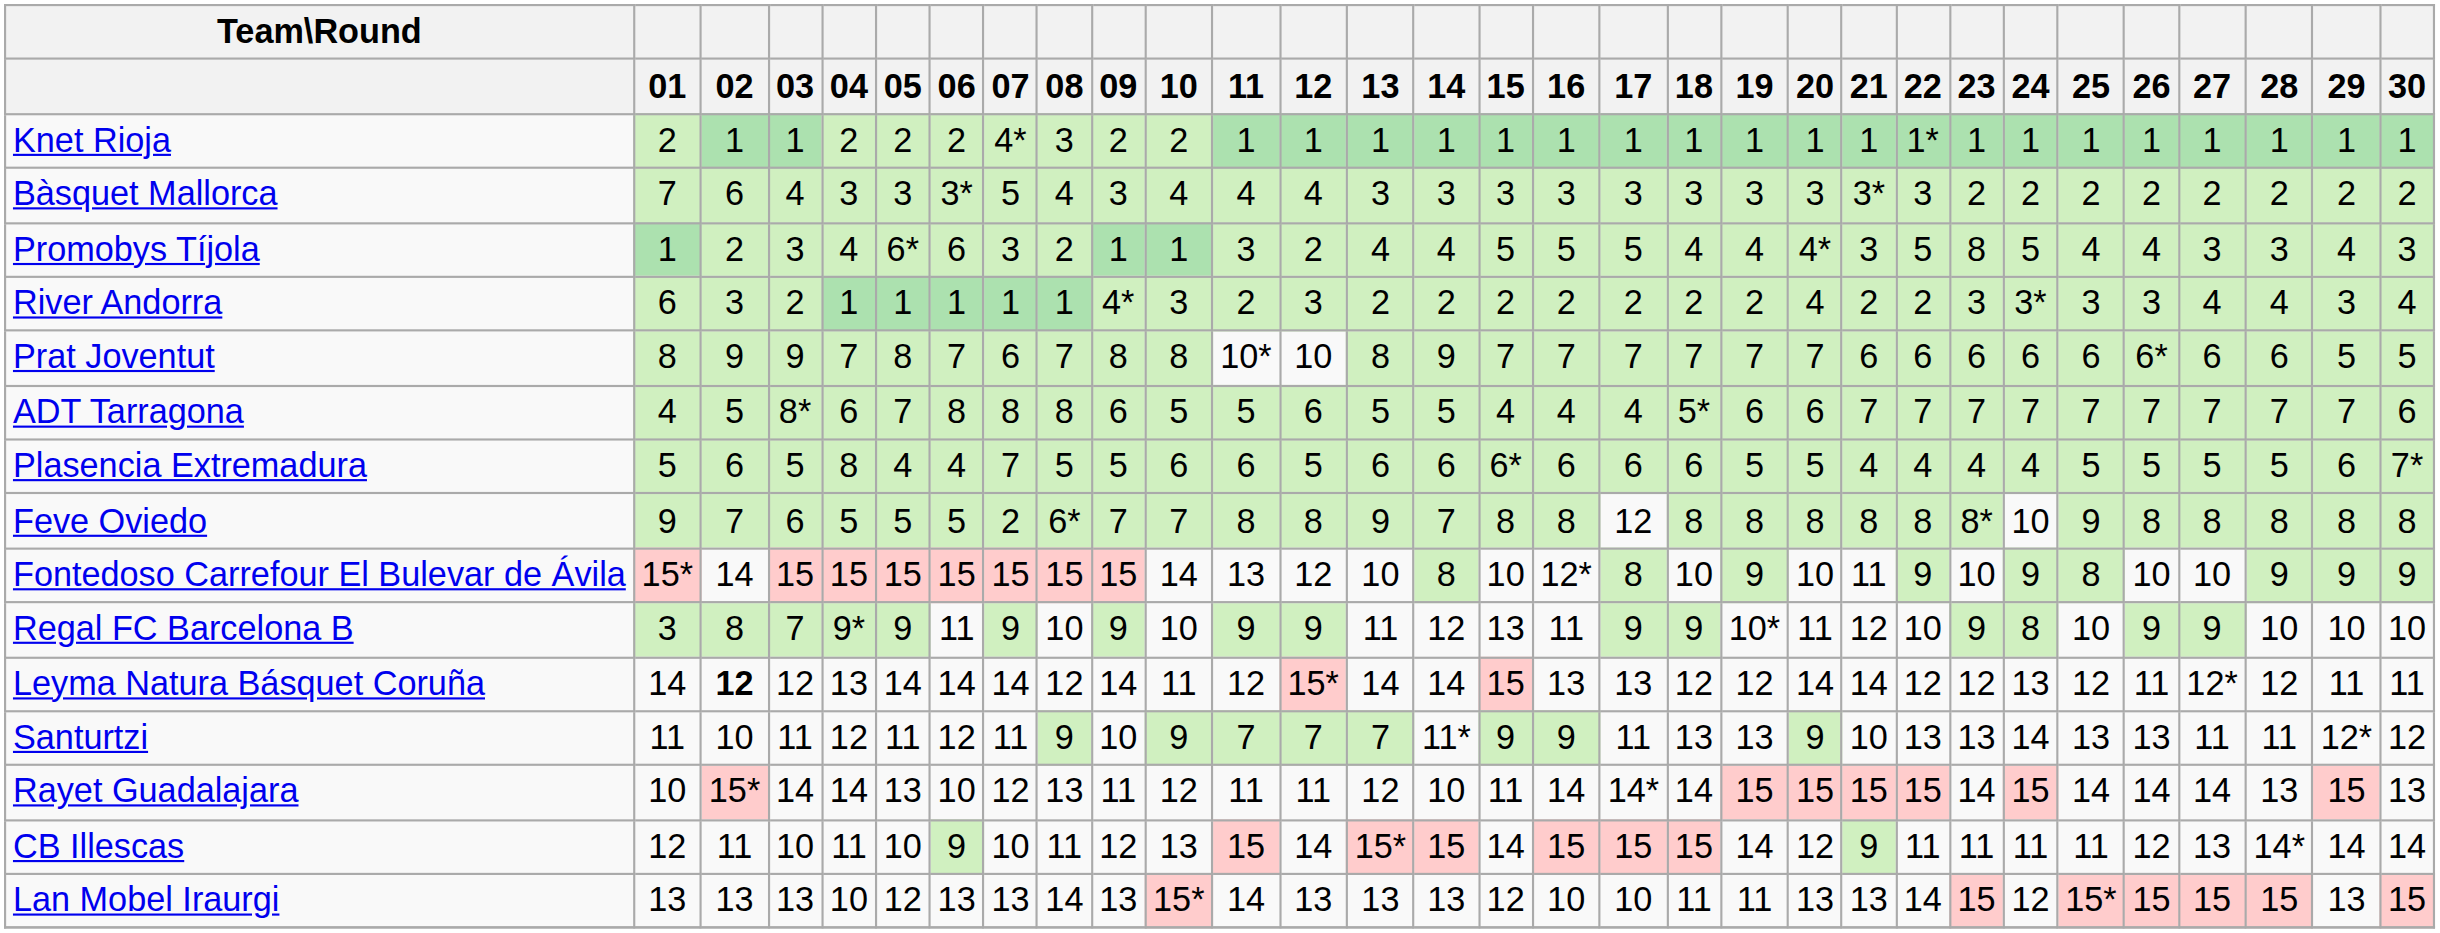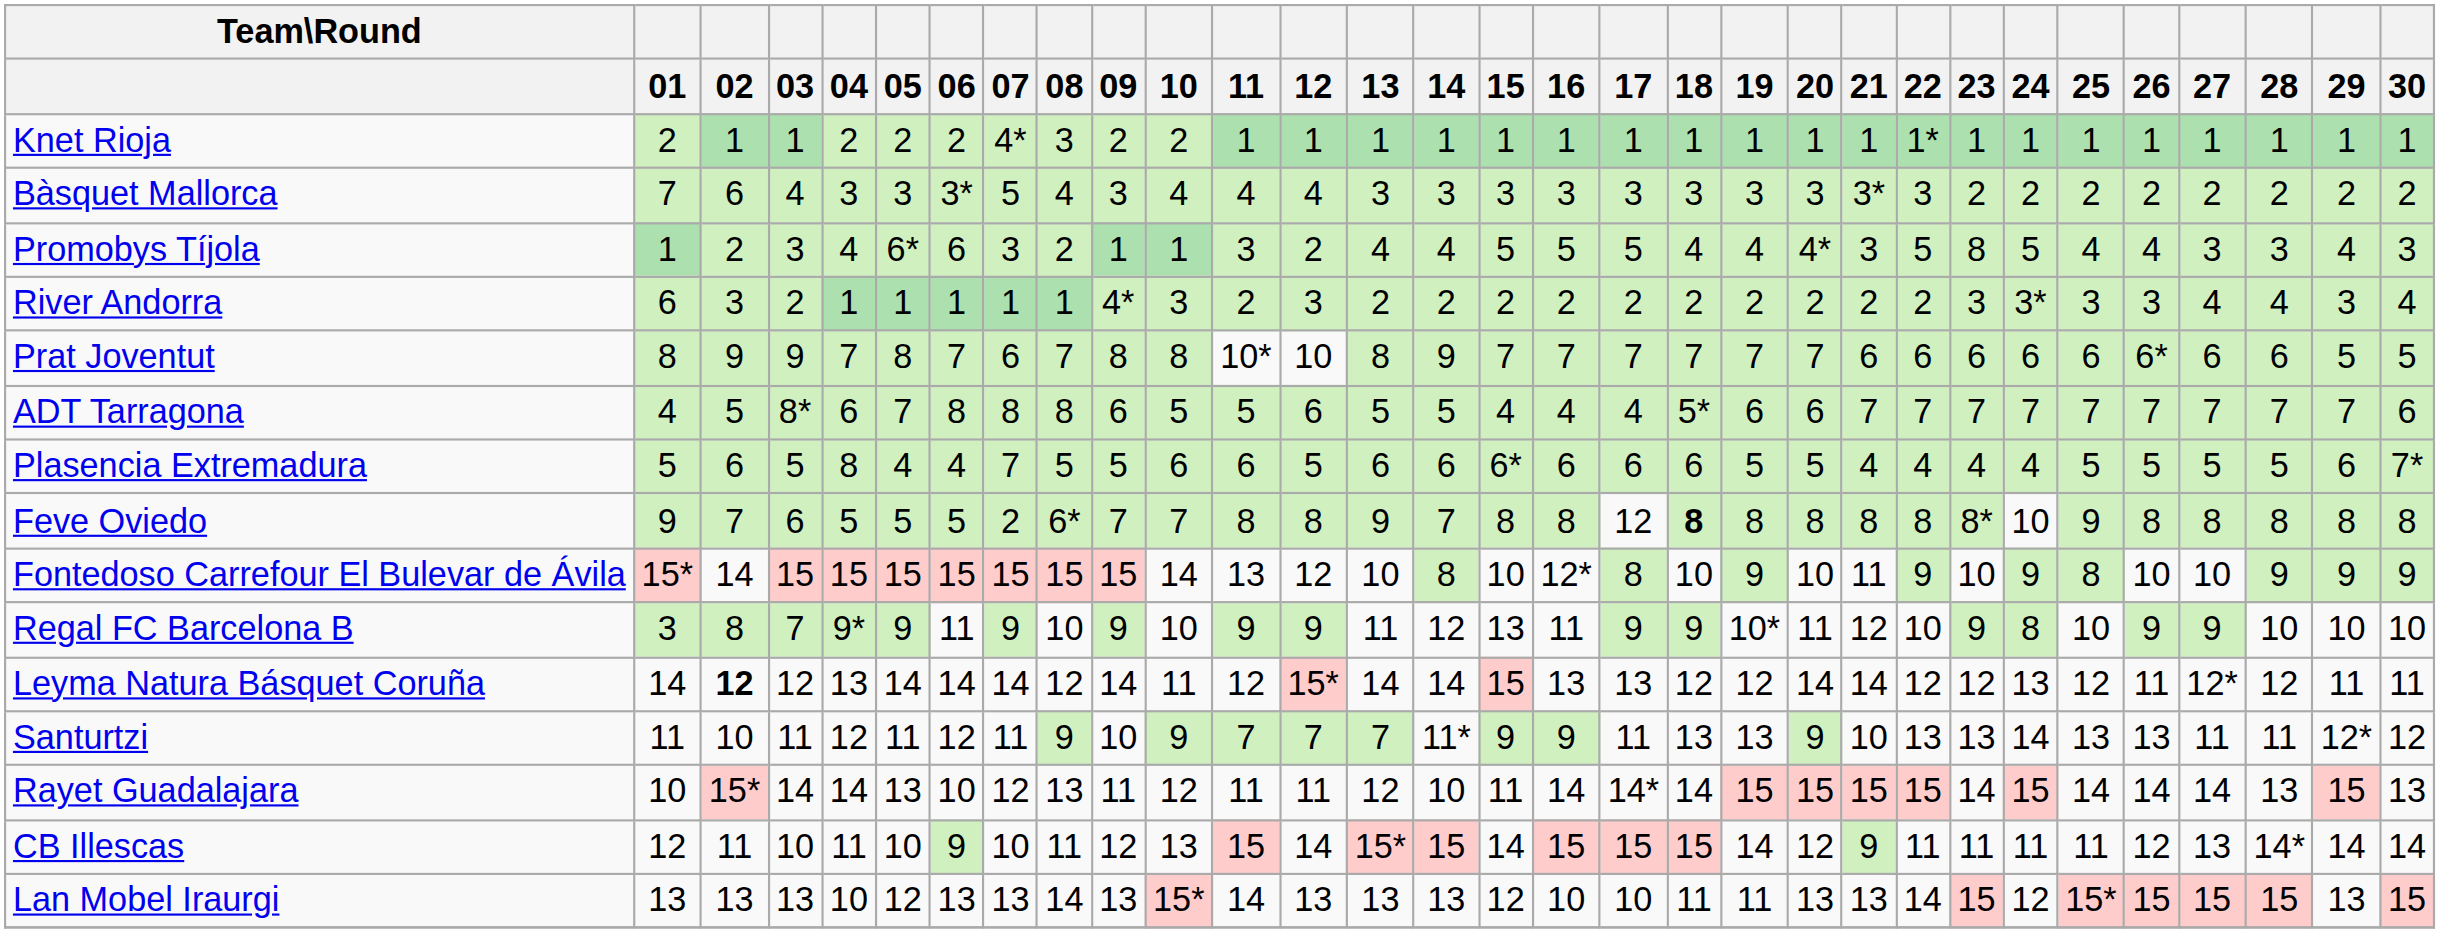 <table class="wikitable sortable" style="text-align: center;">
 <tr>
 <th>Team\Round</th>
 <th></th>
 <th></th>
 <th></th>
 <th></th>
 <th></th>
 <th></th>
 <th></th>
 <th></th>
 <th></th>
 <th></th>
 <th></th>
 <th></th>
 <th></th>
 <th></th>
 <th></th>
 <th></th>
 <th></th>
 <th></th>
 <th></th>
 <th></th>
 <th></th>
 <th></th>
 <th></th>
 <th></th>
 <th></th>
 <th></th>
 <th></th>
 <th></th>
 <th></th>
 <th></th>
 </tr>
 <tr>
 <th></th>
 <th>01</th>
 <th>02</th>
 <th>03</th>
 <th>04</th>
 <th>05</th>
 <th>06</th>
 <th>07</th>
 <th>08</th>
 <th>09</th>
 <th>10</th>
 <th>11</th>
 <th>12</th>
 <th>13</th>
 <th>14</th>
 <th>15</th>
 <th>16</th>
 <th>17</th>
 <th>18</th>
 <th>19</th>
 <th>20</th>
 <th>21</th>
 <th>22</th>
 <th>23</th>
 <th>24</th>
 <th>25</th>
 <th>26</th>
 <th>27</th>
 <th>28</th>
 <th>29</th>
 <th>30</th>
 </tr>
 <tr>
 <td align="left"><a href='#'>Knet Rioja</a></td>
 <td bgcolor=D0F0C0>2</td>
 <td bgcolor=ACE1AF>1</td>
 <td bgcolor=ACE1AF>1</td>
 <td bgcolor=D0F0C0>2</td>
 <td bgcolor=D0F0C0>2</td>
 <td bgcolor=D0F0C0>2</td>
 <td bgcolor=D0F0C0>4*</td>
 <td bgcolor=D0F0C0>3</td>
 <td bgcolor=D0F0C0>2</td>
 <td bgcolor=D0F0C0>2</td>
 <td bgcolor=ACE1AF>1</td>
 <td bgcolor=ACE1AF>1</td>
 <td bgcolor=ACE1AF>1</td>
 <td bgcolor=ACE1AF>1</td>
 <td bgcolor=ACE1AF>1</td>
 <td bgcolor=ACE1AF>1</td>
 <td bgcolor=ACE1AF>1</td>
 <td bgcolor=ACE1AF>1</td>
 <td bgcolor=ACE1AF>1</td>
 <td bgcolor=ACE1AF>1</td>
 <td bgcolor=ACE1AF>1</td>
 <td bgcolor=ACE1AF>1*</td>
 <td bgcolor=ACE1AF>1</td>
 <td bgcolor=ACE1AF>1</td>
 <td bgcolor=ACE1AF>1</td>
 <td bgcolor=ACE1AF>1</td>
 <td bgcolor=ACE1AF>1</td>
 <td bgcolor=ACE1AF>1</td>
 <td bgcolor=ACE1AF>1</td>
 <td bgcolor=ACE1AF>1</td>
 </tr>
 <tr>
 <td align="left"><a href='#'>Bàsquet Mallorca</a></td>
 <td bgcolor=D0F0C0>7</td>
 <td bgcolor=D0F0C0>6</td>
 <td bgcolor=D0F0C0>4</td>
 <td bgcolor=D0F0C0>3</td>
 <td bgcolor=D0F0C0>3</td>
 <td bgcolor=D0F0C0>3*</td>
 <td bgcolor=D0F0C0>5</td>
 <td bgcolor=D0F0C0>4</td>
 <td bgcolor=D0F0C0>3</td>
 <td bgcolor=D0F0C0>4</td>
 <td bgcolor=D0F0C0>4</td>
 <td bgcolor=D0F0C0>4</td>
 <td bgcolor=D0F0C0>3</td>
 <td bgcolor=D0F0C0>3</td>
 <td bgcolor=D0F0C0>3</td>
 <td bgcolor=D0F0C0>3</td>
 <td bgcolor=D0F0C0>3</td>
 <td bgcolor=D0F0C0>3</td>
 <td bgcolor=D0F0C0>3</td>
 <td bgcolor=D0F0C0>3</td>
 <td bgcolor=D0F0C0>3*</td>
 <td bgcolor=D0F0C0>3</td>
 <td bgcolor=D0F0C0>2</td>
 <td bgcolor=D0F0C0>2</td>
 <td bgcolor=D0F0C0>2</td>
 <td bgcolor=D0F0C0>2</td>
 <td bgcolor=D0F0C0>2</td>
 <td bgcolor=D0F0C0>2</td>
 <td bgcolor=D0F0C0>2</td>
 <td bgcolor=D0F0C0>2</td>
 </tr>
 <tr>
 <td align="left"><a href='#'>Promobys Tíjola</a></td>
 <td bgcolor=ACE1AF>1</td>
 <td bgcolor=D0F0C0>2</td>
 <td bgcolor=D0F0C0>3</td>
 <td bgcolor=D0F0C0>4</td>
 <td bgcolor=D0F0C0>6*</td>
 <td bgcolor=D0F0C0>6</td>
 <td bgcolor=D0F0C0>3</td>
 <td bgcolor=D0F0C0>2</td>
 <td bgcolor=ACE1AF>1</td>
 <td bgcolor=ACE1AF>1</td>
 <td bgcolor=D0F0C0>3</td>
 <td bgcolor=D0F0C0>2</td>
 <td bgcolor=D0F0C0>4</td>
 <td bgcolor=D0F0C0>4</td>
 <td bgcolor=D0F0C0>5</td>
 <td bgcolor=D0F0C0>5</td>
 <td bgcolor=D0F0C0>5</td>
 <td bgcolor=D0F0C0>4</td>
 <td bgcolor=D0F0C0>4</td>
 <td bgcolor=D0F0C0>4*</td>
 <td bgcolor=D0F0C0>3</td>
 <td bgcolor=D0F0C0>5</td>
 <td bgcolor=D0F0C0>8</td>
 <td bgcolor=D0F0C0>5</td>
 <td bgcolor=D0F0C0>4</td>
 <td bgcolor=D0F0C0>4</td>
 <td bgcolor=D0F0C0>3</td>
 <td bgcolor=D0F0C0>3</td>
 <td bgcolor=D0F0C0>4</td>
 <td bgcolor=D0F0C0>3</td>
 </tr>
 <tr>
 <td align="left"><a href='#'>River Andorra</a></td>
 <td bgcolor=D0F0C0>6</td>
 <td bgcolor=D0F0C0>3</td>
 <td bgcolor=D0F0C0>2</td>
 <td bgcolor=ACE1AF>1</td>
 <td bgcolor=ACE1AF>1</td>
 <td bgcolor=ACE1AF>1</td>
 <td bgcolor=ACE1AF>1</td>
 <td bgcolor=ACE1AF>1</td>
 <td bgcolor=D0F0C0>4*</td>
 <td bgcolor=D0F0C0>3</td>
 <td bgcolor=D0F0C0>2</td>
 <td bgcolor=D0F0C0>3</td>
 <td bgcolor=D0F0C0>2</td>
 <td bgcolor=D0F0C0>2</td>
 <td bgcolor=D0F0C0>2</td>
 <td bgcolor=D0F0C0>2</td>
 <td bgcolor=D0F0C0>2</td>
 <td bgcolor=D0F0C0>2</td>
 <td bgcolor=D0F0C0>2</td>
-<td bgcolor=D0F0C0>4</td>
+<td bgcolor=D0F0C0>2</td>
 <td bgcolor=D0F0C0>2</td>
 <td bgcolor=D0F0C0>2</td>
 <td bgcolor=D0F0C0>3</td>
 <td bgcolor=D0F0C0>3*</td>
 <td bgcolor=D0F0C0>3</td>
 <td bgcolor=D0F0C0>3</td>
 <td bgcolor=D0F0C0>4</td>
 <td bgcolor=D0F0C0>4</td>
 <td bgcolor=D0F0C0>3</td>
 <td bgcolor=D0F0C0>4</td>
 </tr>
 <tr>
 <td align="left"><a href='#'>Prat Joventut</a></td>
 <td bgcolor=D0F0C0>8</td>
 <td bgcolor=D0F0C0>9</td>
 <td bgcolor=D0F0C0>9</td>
 <td bgcolor=D0F0C0>7</td>
 <td bgcolor=D0F0C0>8</td>
 <td bgcolor=D0F0C0>7</td>
 <td bgcolor=D0F0C0>6</td>
 <td bgcolor=D0F0C0>7</td>
 <td bgcolor=D0F0C0>8</td>
 <td bgcolor=D0F0C0>8</td>
 <td>10*</td>
 <td>10</td>
 <td bgcolor=D0F0C0>8</td>
 <td bgcolor=D0F0C0>9</td>
 <td bgcolor=D0F0C0>7</td>
 <td bgcolor=D0F0C0>7</td>
 <td bgcolor=D0F0C0>7</td>
 <td bgcolor=D0F0C0>7</td>
 <td bgcolor=D0F0C0>7</td>
 <td bgcolor=D0F0C0>7</td>
 <td bgcolor=D0F0C0>6</td>
 <td bgcolor=D0F0C0>6</td>
 <td bgcolor=D0F0C0>6</td>
 <td bgcolor=D0F0C0>6</td>
 <td bgcolor=D0F0C0>6</td>
 <td bgcolor=D0F0C0>6*</td>
 <td bgcolor=D0F0C0>6</td>
 <td bgcolor=D0F0C0>6</td>
 <td bgcolor=D0F0C0>5</td>
 <td bgcolor=D0F0C0>5</td>
 </tr>
 <tr>
 <td align="left"><a href='#'>ADT Tarragona</a></td>
 <td bgcolor=D0F0C0>4</td>
 <td bgcolor=D0F0C0>5</td>
 <td bgcolor=D0F0C0>8*</td>
 <td bgcolor=D0F0C0>6</td>
 <td bgcolor=D0F0C0>7</td>
 <td bgcolor=D0F0C0>8</td>
 <td bgcolor=D0F0C0>8</td>
 <td bgcolor=D0F0C0>8</td>
 <td bgcolor=D0F0C0>6</td>
 <td bgcolor=D0F0C0>5</td>
 <td bgcolor=D0F0C0>5</td>
 <td bgcolor=D0F0C0>6</td>
 <td bgcolor=D0F0C0>5</td>
 <td bgcolor=D0F0C0>5</td>
 <td bgcolor=D0F0C0>4</td>
 <td bgcolor=D0F0C0>4</td>
 <td bgcolor=D0F0C0>4</td>
 <td bgcolor=D0F0C0>5*</td>
 <td bgcolor=D0F0C0>6</td>
 <td bgcolor=D0F0C0>6</td>
 <td bgcolor=D0F0C0>7</td>
 <td bgcolor=D0F0C0>7</td>
 <td bgcolor=D0F0C0>7</td>
 <td bgcolor=D0F0C0>7</td>
 <td bgcolor=D0F0C0>7</td>
 <td bgcolor=D0F0C0>7</td>
 <td bgcolor=D0F0C0>7</td>
 <td bgcolor=D0F0C0>7</td>
 <td bgcolor=D0F0C0>7</td>
 <td bgcolor=D0F0C0>6</td>
 </tr>
 <tr>
 <td align="left"><a href='#'>Plasencia Extremadura</a></td>
 <td bgcolor=D0F0C0>5</td>
 <td bgcolor=D0F0C0>6</td>
 <td bgcolor=D0F0C0>5</td>
 <td bgcolor=D0F0C0>8</td>
 <td bgcolor=D0F0C0>4</td>
 <td bgcolor=D0F0C0>4</td>
 <td bgcolor=D0F0C0>7</td>
 <td bgcolor=D0F0C0>5</td>
 <td bgcolor=D0F0C0>5</td>
 <td bgcolor=D0F0C0>6</td>
 <td bgcolor=D0F0C0>6</td>
 <td bgcolor=D0F0C0>5</td>
 <td bgcolor=D0F0C0>6</td>
 <td bgcolor=D0F0C0>6</td>
 <td bgcolor=D0F0C0>6*</td>
 <td bgcolor=D0F0C0>6</td>
 <td bgcolor=D0F0C0>6</td>
 <td bgcolor=D0F0C0>6</td>
 <td bgcolor=D0F0C0>5</td>
 <td bgcolor=D0F0C0>5</td>
 <td bgcolor=D0F0C0>4</td>
 <td bgcolor=D0F0C0>4</td>
 <td bgcolor=D0F0C0>4</td>
 <td bgcolor=D0F0C0>4</td>
 <td bgcolor=D0F0C0>5</td>
 <td bgcolor=D0F0C0>5</td>
 <td bgcolor=D0F0C0>5</td>
 <td bgcolor=D0F0C0>5</td>
 <td bgcolor=D0F0C0>6</td>
 <td bgcolor=D0F0C0>7*</td>
 </tr>
 <tr>
 <td align="left"><a href='#'>Feve Oviedo</a></td>
 <td bgcolor=D0F0C0>9</td>
 <td bgcolor=D0F0C0>7</td>
 <td bgcolor=D0F0C0>6</td>
 <td bgcolor=D0F0C0>5</td>
 <td bgcolor=D0F0C0>5</td>
 <td bgcolor=D0F0C0>5</td>
 <td bgcolor=D0F0C0>2</td>
 <td bgcolor=D0F0C0>6*</td>
 <td bgcolor=D0F0C0>7</td>
 <td bgcolor=D0F0C0>7</td>
 <td bgcolor=D0F0C0>8</td>
 <td bgcolor=D0F0C0>8</td>
 <td bgcolor=D0F0C0>9</td>
 <td bgcolor=D0F0C0>7</td>
 <td bgcolor=D0F0C0>8</td>
 <td bgcolor=D0F0C0>8</td>
 <td>12</td>
-<td bgcolor=D0F0C0>8</td>
+<td bgcolor=D0F0C0><strong>8</strong></td>
 <td bgcolor=D0F0C0>8</td>
 <td bgcolor=D0F0C0>8</td>
 <td bgcolor=D0F0C0>8</td>
 <td bgcolor=D0F0C0>8</td>
 <td bgcolor=D0F0C0>8*</td>
 <td>10</td>
 <td bgcolor=D0F0C0>9</td>
 <td bgcolor=D0F0C0>8</td>
 <td bgcolor=D0F0C0>8</td>
 <td bgcolor=D0F0C0>8</td>
 <td bgcolor=D0F0C0>8</td>
 <td bgcolor=D0F0C0>8</td>
 </tr>
 <tr>
 <td align="left"><a href='#'>Fontedoso Carrefour El Bulevar de Ávila</a></td>
 <td bgcolor=FFCCCC>15*</td>
 <td>14</td>
 <td bgcolor=FFCCCC>15</td>
 <td bgcolor=FFCCCC>15</td>
 <td bgcolor=FFCCCC>15</td>
 <td bgcolor=FFCCCC>15</td>
 <td bgcolor=FFCCCC>15</td>
 <td bgcolor=FFCCCC>15</td>
 <td bgcolor=FFCCCC>15</td>
 <td>14</td>
 <td>13</td>
 <td>12</td>
 <td>10</td>
 <td bgcolor=D0F0C0>8</td>
 <td>10</td>
 <td>12*</td>
 <td bgcolor=D0F0C0>8</td>
 <td>10</td>
 <td bgcolor=D0F0C0>9</td>
 <td>10</td>
 <td>11</td>
 <td bgcolor=D0F0C0>9</td>
 <td>10</td>
 <td bgcolor=D0F0C0>9</td>
 <td bgcolor=D0F0C0>8</td>
 <td>10</td>
 <td>10</td>
 <td bgcolor=D0F0C0>9</td>
 <td bgcolor=D0F0C0>9</td>
 <td bgcolor=D0F0C0>9</td>
 </tr>
 <tr>
 <td align="left"><a href='#'>Regal FC Barcelona B</a></td>
 <td bgcolor=D0F0C0>3</td>
 <td bgcolor=D0F0C0>8</td>
 <td bgcolor=D0F0C0>7</td>
 <td bgcolor=D0F0C0>9*</td>
 <td bgcolor=D0F0C0>9</td>
 <td>11</td>
 <td bgcolor=D0F0C0>9</td>
 <td>10</td>
 <td bgcolor=D0F0C0>9</td>
 <td>10</td>
 <td bgcolor=D0F0C0>9</td>
 <td bgcolor=D0F0C0>9</td>
 <td>11</td>
 <td>12</td>
 <td>13</td>
 <td>11</td>
 <td bgcolor=D0F0C0>9</td>
 <td bgcolor=D0F0C0>9</td>
 <td>10*</td>
 <td>11</td>
 <td>12</td>
 <td>10</td>
 <td bgcolor=D0F0C0>9</td>
 <td bgcolor=D0F0C0>8</td>
 <td>10</td>
 <td bgcolor=D0F0C0>9</td>
 <td bgcolor=D0F0C0>9</td>
 <td>10</td>
 <td>10</td>
 <td>10</td>
 </tr>
 <tr>
 <td align="left"><a href='#'>Leyma Natura Básquet Coruña</a></td>
 <td>14</td>
 <td><strong>12</strong></td>
 <td>12</td>
 <td>13</td>
 <td>14</td>
 <td>14</td>
 <td>14</td>
 <td>12</td>
 <td>14</td>
 <td>11</td>
 <td>12</td>
 <td bgcolor=FFCCCC>15*</td>
 <td>14</td>
 <td>14</td>
 <td bgcolor=FFCCCC>15</td>
 <td>13</td>
 <td>13</td>
 <td>12</td>
 <td>12</td>
 <td>14</td>
 <td>14</td>
 <td>12</td>
 <td>12</td>
 <td>13</td>
 <td>12</td>
 <td>11</td>
 <td>12*</td>
 <td>12</td>
 <td>11</td>
 <td>11</td>
 </tr>
 <tr>
 <td align="left"><a href='#'>Santurtzi</a></td>
 <td>11</td>
 <td>10</td>
 <td>11</td>
 <td>12</td>
 <td>11</td>
 <td>12</td>
 <td>11</td>
 <td bgcolor=D0F0C0>9</td>
 <td>10</td>
 <td bgcolor=D0F0C0>9</td>
 <td bgcolor=D0F0C0>7</td>
 <td bgcolor=D0F0C0>7</td>
 <td bgcolor=D0F0C0>7</td>
 <td>11*</td>
 <td bgcolor=D0F0C0>9</td>
 <td bgcolor=D0F0C0>9</td>
 <td>11</td>
 <td>13</td>
 <td>13</td>
 <td bgcolor=D0F0C0>9</td>
 <td>10</td>
 <td>13</td>
 <td>13</td>
 <td>14</td>
 <td>13</td>
 <td>13</td>
 <td>11</td>
 <td>11</td>
 <td>12*</td>
 <td>12</td>
 </tr>
 <tr>
 <td align="left"><a href='#'>Rayet Guadalajara</a></td>
 <td>10</td>
 <td bgcolor=FFCCCC>15*</td>
 <td>14</td>
 <td>14</td>
 <td>13</td>
 <td>10</td>
 <td>12</td>
 <td>13</td>
 <td>11</td>
 <td>12</td>
 <td>11</td>
 <td>11</td>
 <td>12</td>
 <td>10</td>
 <td>11</td>
 <td>14</td>
 <td>14*</td>
 <td>14</td>
 <td bgcolor=FFCCCC>15</td>
 <td bgcolor=FFCCCC>15</td>
 <td bgcolor=FFCCCC>15</td>
 <td bgcolor=FFCCCC>15</td>
 <td>14</td>
 <td bgcolor=FFCCCC>15</td>
 <td>14</td>
 <td>14</td>
 <td>14</td>
 <td>13</td>
 <td bgcolor=FFCCCC>15</td>
 <td>13</td>
 </tr>
 <tr>
 <td align="left"><a href='#'>CB Illescas</a></td>
 <td>12</td>
 <td>11</td>
 <td>10</td>
 <td>11</td>
 <td>10</td>
 <td bgcolor=D0F0C0>9</td>
 <td>10</td>
 <td>11</td>
 <td>12</td>
 <td>13</td>
 <td bgcolor=FFCCCC>15</td>
 <td>14</td>
 <td bgcolor=FFCCCC>15*</td>
 <td bgcolor=FFCCCC>15</td>
 <td>14</td>
 <td bgcolor=FFCCCC>15</td>
 <td bgcolor=FFCCCC>15</td>
 <td bgcolor=FFCCCC>15</td>
 <td>14</td>
 <td>12</td>
 <td bgcolor=D0F0C0>9</td>
 <td>11</td>
 <td>11</td>
 <td>11</td>
 <td>11</td>
 <td>12</td>
 <td>13</td>
 <td>14*</td>
 <td>14</td>
 <td>14</td>
 </tr>
 <tr>
 <td align="left"><a href='#'>Lan Mobel Iraurgi</a></td>
 <td>13</td>
 <td>13</td>
 <td>13</td>
 <td>10</td>
 <td>12</td>
 <td>13</td>
 <td>13</td>
 <td>14</td>
 <td>13</td>
 <td bgcolor=FFCCCC>15*</td>
 <td>14</td>
 <td>13</td>
 <td>13</td>
 <td>13</td>
 <td>12</td>
 <td>10</td>
 <td>10</td>
 <td>11</td>
 <td>11</td>
 <td>13</td>
 <td>13</td>
 <td>14</td>
 <td bgcolor=FFCCCC>15</td>
 <td>12</td>
 <td bgcolor=FFCCCC>15*</td>
 <td bgcolor=FFCCCC>15</td>
 <td bgcolor=FFCCCC>15</td>
 <td bgcolor=FFCCCC>15</td>
 <td>13</td>
 <td bgcolor=FFCCCC>15</td>
 </tr>
 <tr>
 </tr>
 </table>
